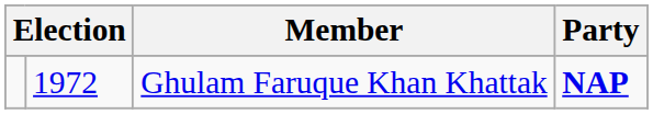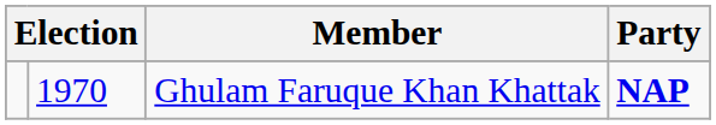 <table class="wikitable">
 <tr>
 <th colspan="2">Election</th>
 <th>Member</th>
 <th>Party</th>
 </tr>
 <tr>
 <td style="background-color: "></td>
-<td><a href='#'>1972</a></td>
+<td><a href='#'>1970</a></td>
 <td><a href='#'>Ghulam Faruque Khan Khattak</a></td>
 <td><strong><a href='#'>NAP</a></strong></td>
 </tr>
 </table>
